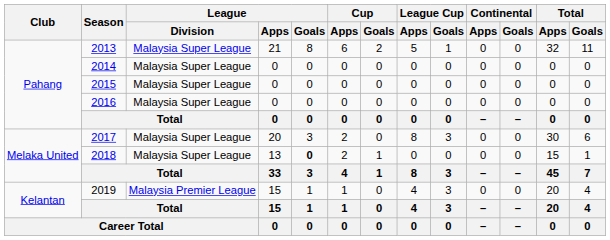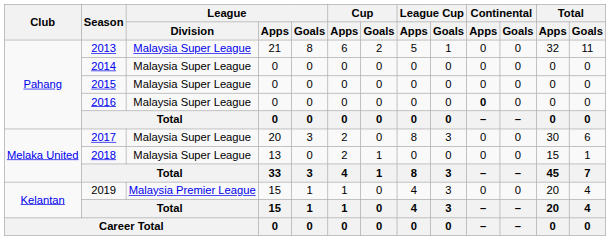 <table class=wikitable style="text-align:center">
 <tr>
 <th rowspan=2>Club</th>
 <th rowspan=2>Season</th>
 <th colspan=3>League</th>
 <th colspan=2>Cup</th>
 <th colspan=2>League Cup</th>
 <th colspan=2>Continental</th>
 <th colspan=2>Total</th>
 </tr>
 <tr>
 <th>Division</th>
 <th>Apps</th>
 <th>Goals</th>
 <th>Apps</th>
 <th>Goals</th>
 <th>Apps</th>
 <th>Goals</th>
 <th>Apps</th>
 <th>Goals</th>
 <th>Apps</th>
 <th>Goals</th>
 </tr>
 <tr>
 <td rowspan="5"><a href='#'>Pahang</a></td>
 <td><a href='#'>2013</a></td>
 <td><a href='#'>Malaysia Super League</a></td>
 <td>21</td>
 <td>8</td>
 <td>6</td>
 <td>2</td>
 <td>5</td>
 <td>1</td>
 <td>0</td>
 <td>0</td>
 <td>32</td>
 <td>11</td>
 </tr>
 <tr>
 <td><a href='#'>2014</a></td>
 <td>Malaysia Super League</td>
 <td>0</td>
 <td>0</td>
 <td>0</td>
 <td>0</td>
 <td>0</td>
 <td>0</td>
 <td>0</td>
 <td>0</td>
 <td>0</td>
 <td>0</td>
 </tr>
 <tr>
 <td><a href='#'>2015</a></td>
 <td>Malaysia Super League</td>
 <td>0</td>
 <td>0</td>
 <td>0</td>
 <td>0</td>
 <td>0</td>
 <td>0</td>
 <td>0</td>
 <td>0</td>
 <td>0</td>
 <td>0</td>
 </tr>
 <tr>
 <td><a href='#'>2016</a></td>
 <td>Malaysia Super League</td>
 <td>0</td>
 <td>0</td>
 <td>0</td>
 <td>0</td>
 <td>0</td>
 <td>0</td>
-<td>0</td>
+<td><strong>0</strong></td>
 <td>0</td>
 <td>0</td>
 <td>0</td>
 </tr>
 <tr>
 <th colspan="2">Total</th>
 <th>0</th>
 <th>0</th>
 <th>0</th>
 <th>0</th>
 <th>0</th>
 <th>0</th>
 <th>–</th>
 <th>–</th>
 <th>0</th>
 <th>0</th>
 </tr>
 <tr>
 <td rowspan="3"><a href='#'>Melaka United</a></td>
 <td><a href='#'>2017</a></td>
 <td>Malaysia Super League</td>
 <td>20</td>
 <td>3</td>
 <td>2</td>
 <td>0</td>
 <td>8</td>
 <td>3</td>
 <td>0</td>
 <td>0</td>
 <td>30</td>
 <td>6</td>
 </tr>
 <tr>
 <td><a href='#'>2018</a></td>
 <td>Malaysia Super League</td>
 <td>13</td>
-<td><strong>0</strong></td>
+<td>0</td>
 <td>2</td>
 <td>1</td>
 <td>0</td>
 <td>0</td>
 <td>0</td>
 <td>0</td>
 <td>15</td>
 <td>1</td>
 </tr>
 <tr>
 <th colspan="2">Total</th>
 <th>33</th>
 <th>3</th>
 <th>4</th>
 <th>1</th>
 <th>8</th>
 <th>3</th>
 <th>–</th>
 <th>–</th>
 <th>45</th>
 <th>7</th>
 </tr>
 <tr>
 <td rowspan="2"><a href='#'>Kelantan</a></td>
 <td>2019</td>
 <td><a href='#'>Malaysia Premier League</a></td>
 <td>15</td>
 <td>1</td>
 <td>1</td>
 <td>0</td>
 <td>4</td>
 <td>3</td>
 <td>0</td>
 <td>0</td>
 <td>20</td>
 <td>4</td>
 </tr>
 <tr>
 <th colspan="2">Total</th>
 <th>15</th>
 <th>1</th>
 <th>1</th>
 <th>0</th>
 <th>4</th>
 <th>3</th>
 <th>–</th>
 <th>–</th>
 <th>20</th>
 <th>4</th>
 </tr>
 <tr>
 <th colspan="3">Career Total</th>
 <th>0</th>
 <th>0</th>
 <th>0</th>
 <th>0</th>
 <th>0</th>
 <th>0</th>
 <th>–</th>
 <th>–</th>
 <th>0</th>
 <th>0</th>
 </tr>
 </table>
